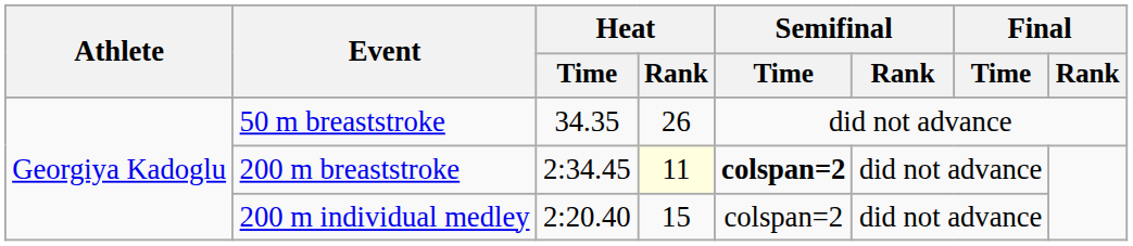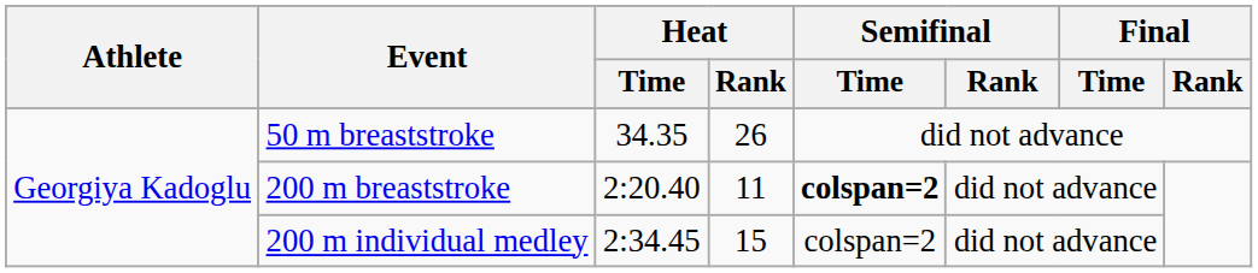 <table class=wikitable style="font-size:90%">
 <tr>
 <th rowspan=2>Athlete</th>
 <th rowspan=2>Event</th>
 <th colspan="2">Heat</th>
 <th colspan="2">Semifinal</th>
 <th colspan="2">Final</th>
 </tr>
 <tr style="font-size:95%">
 <th>Time</th>
 <th>Rank</th>
 <th>Time</th>
 <th>Rank</th>
 <th>Time</th>
 <th>Rank</th>
 </tr>
 <tr align=center>
 <td align=left rowspan=3><a href='#'>Georgiya Kadoglu</a></td>
 <td align=left><a href='#'>50 m breaststroke</a></td>
 <td>34.35</td>
 <td>26</td>
 <td colspan=4>did not advance</td>
 </tr>
 <tr align=center>
 <td align=left><a href='#'>200 m breaststroke</a></td>
-<td>2:34.45</td>
-<td style="background: lightyellow;">11</td>
+<td>2:20.40</td>
+<td>11</td>
 <td><strong>colspan=2 </strong></td>
 <td colspan=2>did not advance</td>
 </tr>
 <tr align=center>
 <td align=left><a href='#'>200 m individual medley</a></td>
-<td>2:20.40</td>
+<td>2:34.45</td>
 <td>15</td>
 <td>colspan=2 </td>
 <td colspan=2>did not advance</td>
 </tr>
 </table>
